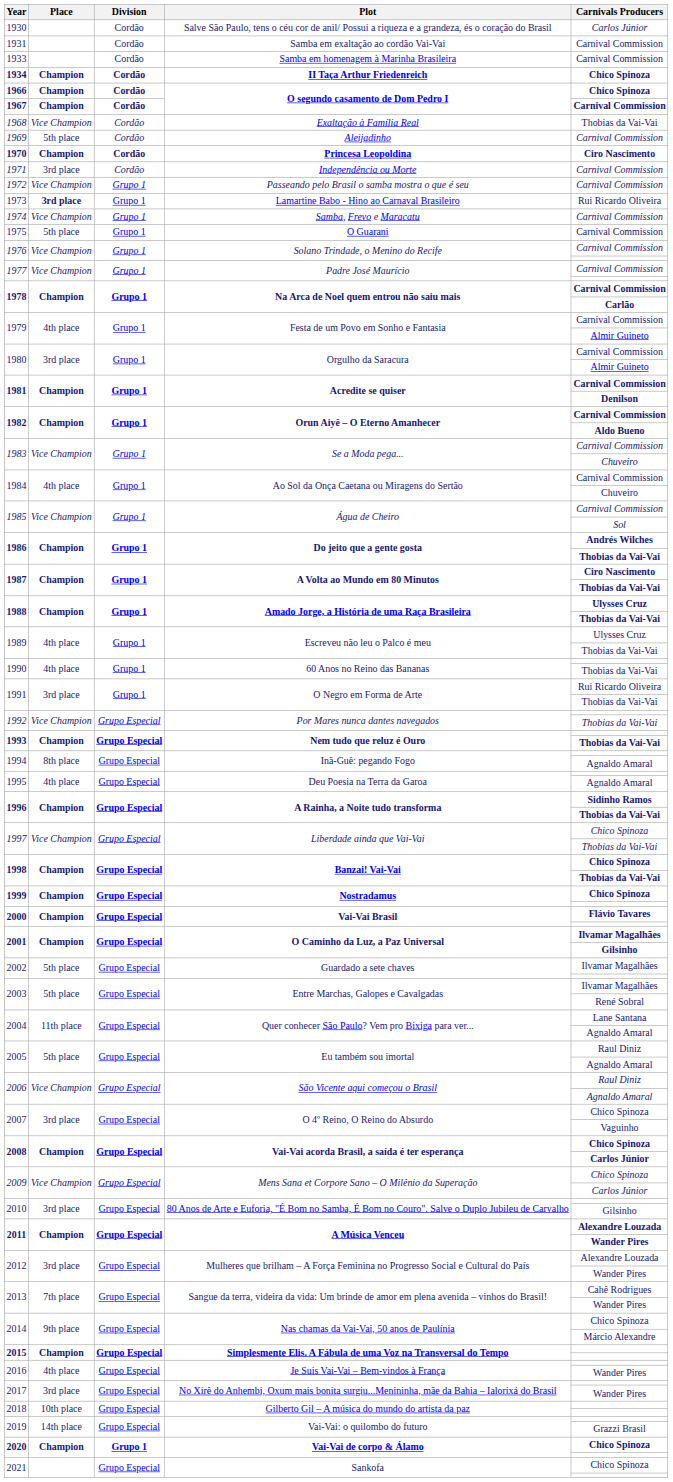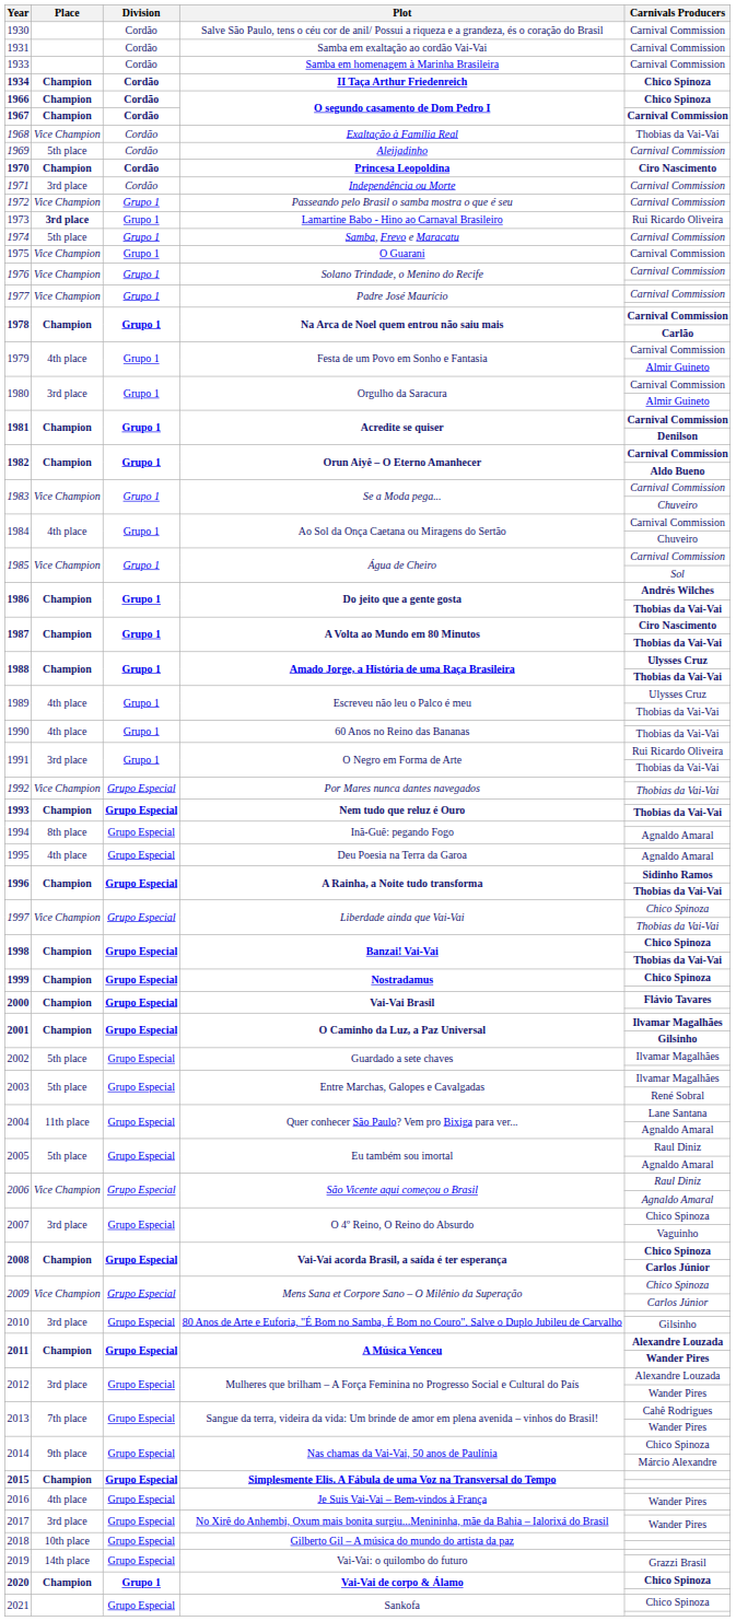 <table class="wikitable sortable" style="text-align:center">
 <tr align="center">
 <th>Year</th>
 <th>Place</th>
 <th>Division</th>
 <th>Plot</th>
 <th>Carnivals Producers</th>
 </tr>
 <tr style="background-color:white; color:midnightblue; text:align=center">
 <td>1930</td>
 <td></td>
 <td>Cordão</td>
 <td>Salve São Paulo, tens o céu cor de anil/ Possui a riqueza e a grandeza, és o coração do Brasil</td>
-<td><em>Carlos Júnior</em></td>
+<td>Carnival Commission</td>
 </tr>
 <tr style="background-color:white; color:midnightblue; text:align=center">
 <td>1931</td>
 <td></td>
 <td>Cordão</td>
 <td>Samba em exaltação ao cordão Vai-Vai</td>
 <td>Carnival Commission</td>
 </tr>
 <tr style="background-color:white; color:midnightblue; text:align=center">
 <td>1933</td>
 <td></td>
 <td>Cordão</td>
 <td><a href='#'>Samba em homenagem à Marinha Brasileira</a></td>
 <td>Carnival Commission</td>
 </tr>
 <tr style="background-color:white; color:midnightblue; text:align=center">
 <td><strong>1934</strong></td>
 <td><strong>Champion</strong></td>
 <td><strong>Cordão</strong></td>
 <td><strong><a href='#'>II Taça Arthur Friedenreich</a></strong></td>
 <td><strong>Chico Spinoza</strong></td>
 </tr>
 <tr style="background-color:white; color:midnightblue; text:align=center">
 <td><strong>1966</strong></td>
 <td><strong>Champion</strong></td>
 <td><strong>Cordão</strong></td>
 <td rowspan="2"><strong><a href='#'>O segundo casamento de Dom Pedro I</a></strong></td>
 <td><strong>Chico Spinoza</strong></td>
 </tr>
 <tr style="background-color:white; color:midnightblue; text:align=center">
 <td><strong>1967</strong></td>
 <td><strong>Champion</strong></td>
 <td><strong>Cordão</strong></td>
 <td><strong>Carnival Commission</strong></td>
 </tr>
 <tr style="background-color:white; color:midnightblue; text:align=center">
 <td><em>1968</em></td>
 <td><em>Vice Champion</em></td>
 <td><em>Cordão</em></td>
 <td><em><a href='#'>Exaltação à Família Real</a></em></td>
 <td>Thobias da Vai-Vai</td>
 </tr>
 <tr style="background-color:white; color:midnightblue; text:align=center">
 <td><em>1969</em></td>
 <td>5th place</td>
 <td><em>Cordão</em></td>
 <td><em><a href='#'>Aleijadinho</a></em></td>
 <td><em>Carnival Commission</em></td>
 </tr>
 <tr style="background-color:white; color:midnightblue; text:align=center">
 <td><strong>1970</strong></td>
 <td><strong>Champion</strong></td>
 <td><strong>Cordão</strong></td>
 <td><strong><a href='#'>Princesa Leopoldina</a></strong></td>
 <td><strong>Ciro Nascimento</strong></td>
 </tr>
 <tr style="background-color:white; color:midnightblue; text:align=center">
 <td><em>1971</em></td>
 <td>3rd place</td>
 <td><em>Cordão</em></td>
 <td><em><a href='#'>Independência ou Morte</a></em></td>
 <td><em>Carnival Commission</em></td>
 </tr>
 <tr style="background-color:white; color:midnightblue; text:align=center">
 <td><em>1972</em></td>
 <td><em>Vice Champion</em></td>
 <td><em><a href='#'>Grupo 1</a></em></td>
 <td><em>Passeando pelo Brasil o samba mostra o que é seu</em></td>
 <td><em>Carnival Commission</em></td>
 </tr>
 <tr style="background-color:white; color:midnightblue; text:align=center">
 <td>1973</td>
 <td><strong>3rd place</strong></td>
 <td><a href='#'>Grupo 1</a></td>
 <td><a href='#'>Lamartine Babo - Hino ao Carnaval Brasileiro</a></td>
 <td>Rui Ricardo Oliveira</td>
 </tr>
 <tr style="background-color:white; color:midnightblue; text:align=center">
 <td><em>1974</em></td>
-<td><em>Vice Champion</em></td>
+<td>5th place</td>
 <td><em><a href='#'>Grupo 1</a></em></td>
 <td><em><a href='#'>Samba</a>, <a href='#'>Frevo</a> e <a href='#'>Maracatu</a></em></td>
 <td><em>Carnival Commission</em></td>
 </tr>
 <tr style="background-color:white; color:midnightblue; text:align=center">
 <td>1975</td>
-<td>5th place</td>
+<td><em>Vice Champion</em></td>
 <td><a href='#'>Grupo 1</a></td>
 <td><a href='#'>O Guarani</a></td>
 <td>Carnival Commission</td>
 </tr>
 <tr style="background-color:white; color:midnightblue; text:align=center">
 <td rowspan="2"><em>1976</em></td>
 <td rowspan="2"><em>Vice Champion</em></td>
 <td rowspan="2"><em><a href='#'>Grupo 1</a></em></td>
 <td rowspan="2"><em>Solano Trindade, o Menino do Recife</em></td>
 <td><em>Carnival Commission</em></td>
 </tr>
 <tr style="background-color:white; color:midnightblue; text:align=center">
 <td><em></em></td>
 </tr>
 <tr style="background-color:white; color:midnightblue; text:align=center">
 <td rowspan="2"><em>1977</em></td>
 <td rowspan="2"><em>Vice Champion</em></td>
 <td rowspan="2"><em><a href='#'>Grupo 1</a></em></td>
 <td rowspan="2"><em>Padre José Maurício</em></td>
 <td><em>Carnival Commission</em></td>
 </tr>
 <tr style="background-color:white; color:midnightblue; text:align=center">
 <td><em></em></td>
 </tr>
 <tr style="background-color:white; color:midnightblue; text:align=center">
 <td rowspan="2"><strong>1978</strong></td>
 <td rowspan="2"><strong>Champion</strong></td>
 <td rowspan="2"><strong><a href='#'>Grupo 1</a></strong></td>
 <td rowspan="2"><strong>Na Arca de Noel quem entrou não saiu mais</strong></td>
 <td><strong>Carnival Commission</strong></td>
 </tr>
 <tr style="background-color:white; color:midnightblue; text:align=center">
 <td><strong>Carlão</strong></td>
 </tr>
 <tr style="background-color:white; color:midnightblue; text:align=center">
 <td rowspan="2">1979</td>
 <td rowspan="2">4th place</td>
 <td rowspan="2"><a href='#'>Grupo 1</a></td>
 <td rowspan="2">Festa de um Povo em Sonho e Fantasia</td>
 <td>Carnival Commission</td>
 </tr>
 <tr style="background-color:white; color:midnightblue; text:align=center">
 <td><a href='#'>Almir Guineto</a></td>
 </tr>
 <tr style="background-color:white; color:midnightblue; text:align=center">
 <td rowspan="2">1980</td>
 <td rowspan="2">3rd place</td>
 <td rowspan="2"><a href='#'>Grupo 1</a></td>
 <td rowspan="2">Orgulho da Saracura</td>
 <td>Carnival Commission</td>
 </tr>
 <tr style="background-color:white; color:midnightblue; text:align=center">
 <td><a href='#'>Almir Guineto</a></td>
 </tr>
 <tr style="background-color:white; color:midnightblue; text:align=center">
 <td rowspan="2"><strong>1981</strong></td>
 <td rowspan="2"><strong>Champion</strong></td>
 <td rowspan="2"><strong><a href='#'>Grupo 1</a></strong></td>
 <td rowspan="2"><strong>Acredite se quiser</strong></td>
 <td><strong>Carnival Commission</strong></td>
 </tr>
 <tr style="background-color:white; color:midnightblue; text:align=center">
 <td><strong>Denilson</strong></td>
 </tr>
 <tr style="background-color:white; color:midnightblue; text:align=center">
 <td rowspan="2"><strong>1982</strong></td>
 <td rowspan="2"><strong>Champion</strong></td>
 <td rowspan="2"><strong><a href='#'>Grupo 1</a></strong></td>
 <td rowspan="2"><strong>Orun Aiyê – O Eterno Amanhecer</strong></td>
 <td><strong>Carnival Commission</strong></td>
 </tr>
 <tr style="background-color:white; color:midnightblue; text:align=center">
 <td><strong>Aldo Bueno</strong></td>
 </tr>
 <tr style="background-color:white; color:midnightblue; text:align=center">
 <td rowspan="2"><em>1983</em></td>
 <td rowspan="2"><em>Vice Champion</em></td>
 <td rowspan="2"><em><a href='#'>Grupo 1</a></em></td>
 <td rowspan="2"><em>Se a Moda pega...</em></td>
 <td><em>Carnival Commission</em></td>
 </tr>
 <tr style="background-color:white; color:midnightblue; text:align=center">
 <td><em>Chuveiro</em></td>
 </tr>
 <tr style="background-color:white; color:midnightblue; text:align=center">
 <td rowspan="2">1984</td>
 <td rowspan="2">4th place</td>
 <td rowspan="2"><a href='#'>Grupo 1</a></td>
 <td rowspan="2">Ao Sol da Onça Caetana ou Miragens do Sertão</td>
 <td>Carnival Commission</td>
 </tr>
 <tr style="background-color:white; color:midnightblue; text:align=center">
 <td>Chuveiro</td>
 </tr>
 <tr style="background-color:white; color:midnightblue; text:align=center">
 <td rowspan="2"><em>1985</em></td>
 <td rowspan="2"><em>Vice Champion</em></td>
 <td rowspan="2"><em><a href='#'>Grupo 1</a></em></td>
 <td rowspan="2"><em>Água de Cheiro</em></td>
 <td><em>Carnival Commission</em></td>
 </tr>
 <tr style="background-color:white; color:midnightblue; text:align=center">
 <td><em>Sol</em></td>
 </tr>
 <tr style="background-color:white; color:midnightblue; text:align=center">
 <td rowspan="2"><strong>1986</strong></td>
 <td rowspan="2"><strong>Champion</strong></td>
 <td rowspan="2"><strong><a href='#'>Grupo 1</a></strong></td>
 <td rowspan="2"><strong>Do jeito que a gente gosta</strong></td>
 <td><strong>Andrés Wilches</strong></td>
 </tr>
 <tr style="background-color:white; color:midnightblue; text:align=center">
 <td><strong>Thobias da Vai-Vai</strong></td>
 </tr>
 <tr style="background-color:white; color:midnightblue; text:align=center">
 <td rowspan="2"><strong>1987</strong></td>
 <td rowspan="2"><strong>Champion</strong></td>
 <td rowspan="2"><strong><a href='#'>Grupo 1</a></strong></td>
 <td rowspan="2"><strong>A Volta ao Mundo em 80 Minutos</strong></td>
 <td><strong>Ciro Nascimento</strong></td>
 </tr>
 <tr style="background-color:white; color:midnightblue; text:align=center">
 <td><strong>Thobias da Vai-Vai</strong></td>
 </tr>
 <tr style="background-color:white; color:midnightblue; text:align=center">
 <td rowspan="2"><strong>1988</strong></td>
 <td rowspan="2"><strong>Champion</strong></td>
 <td rowspan="2"><strong><a href='#'>Grupo 1</a></strong></td>
 <td rowspan="2"><strong><a href='#'>Amado Jorge, a História de uma Raça Brasileira</a></strong></td>
 <td><strong>Ulysses Cruz</strong></td>
 </tr>
 <tr style="background-color:white; color:midnightblue; text:align=center">
 <td><strong>Thobias da Vai-Vai</strong></td>
 </tr>
 <tr style="background-color:white; color:midnightblue; text:align=center">
 <td rowspan="2">1989</td>
 <td rowspan="2">4th place</td>
 <td rowspan="2"><a href='#'>Grupo 1</a></td>
 <td rowspan="2">Escreveu não leu o Palco é meu</td>
 <td>Ulysses Cruz</td>
 </tr>
 <tr style="background-color:white; color:midnightblue; text:align=center">
 <td>Thobias da Vai-Vai</td>
 </tr>
 <tr style="background-color:white; color:midnightblue; text:align=center">
 <td rowspan="2">1990</td>
 <td rowspan="2">4th place</td>
 <td rowspan="2"><a href='#'>Grupo 1</a></td>
 <td rowspan="2">60 Anos no Reino das Bananas</td>
 <td></td>
 </tr>
 <tr style="background-color:white; color:midnightblue; text:align=center">
 <td>Thobias da Vai-Vai</td>
 </tr>
 <tr style="background-color:white; color:midnightblue; text:align=center">
 <td rowspan="2">1991</td>
 <td rowspan="2">3rd place</td>
 <td rowspan="2"><a href='#'>Grupo 1</a></td>
 <td rowspan="2">O Negro em Forma de Arte</td>
 <td>Rui Ricardo Oliveira</td>
 </tr>
 <tr style="background-color:white; color:midnightblue; text:align=center">
 <td>Thobias da Vai-Vai</td>
 </tr>
 <tr style="background-color:white; color:midnightblue; text:align=center">
 <td rowspan="2"><em>1992</em></td>
 <td rowspan="2"><em>Vice Champion</em></td>
 <td rowspan="2"><em><a href='#'>Grupo Especial</a></em></td>
 <td rowspan="2"><em>Por Mares nunca dantes navegados</em></td>
 <td><em></em></td>
 </tr>
 <tr style="background-color:white; color:midnightblue; text:align=center">
 <td><em>Thobias da Vai-Vai</em></td>
 </tr>
 <tr style="background-color:white; color:midnightblue; text:align=center">
 <td rowspan="2"><strong>1993</strong></td>
 <td rowspan="2"><strong>Champion</strong></td>
 <td rowspan="2"><strong><a href='#'>Grupo Especial</a></strong></td>
 <td rowspan="2"><strong>Nem tudo que reluz é Ouro</strong></td>
 <td><strong></strong></td>
 </tr>
 <tr style="background-color:white; color:midnightblue; text:align=center">
 <td><strong>Thobias da Vai-Vai</strong></td>
 </tr>
 <tr style="background-color:white; color:midnightblue; text:align=center">
 <td rowspan="2">1994</td>
 <td rowspan="2">8th place</td>
 <td rowspan="2"><a href='#'>Grupo Especial</a></td>
 <td rowspan="2">Inã-Guê: pegando Fogo</td>
 <td></td>
 </tr>
 <tr style="background-color:white; color:midnightblue; text:align=center">
 <td>Agnaldo Amaral</td>
 </tr>
 <tr style="background-color:white; color:midnightblue; text:align=center">
 <td rowspan="2">1995</td>
 <td rowspan="2">4th place</td>
 <td rowspan="2"><a href='#'>Grupo Especial</a></td>
 <td rowspan="2">Deu Poesia na Terra da Garoa</td>
 <td></td>
 </tr>
 <tr style="background-color:white; color:midnightblue; text:align=center">
 <td>Agnaldo Amaral</td>
 </tr>
 <tr style="background-color:white; color:midnightblue; text:align=center">
 <td rowspan="2"><strong>1996</strong></td>
 <td rowspan="2"><strong>Champion</strong></td>
 <td rowspan="2"><strong><a href='#'>Grupo Especial</a></strong></td>
 <td rowspan="2"><strong>A Rainha, a Noite tudo transforma</strong></td>
 <td><strong>Sidinho Ramos</strong></td>
 </tr>
 <tr style="background-color:white; color:midnightblue; text:align=center">
 <td><strong>Thobias da Vai-Vai</strong></td>
 </tr>
 <tr style="background-color:white; color:midnightblue; text:align=center">
 <td rowspan="2"><em>1997</em></td>
 <td rowspan="2"><em>Vice Champion</em></td>
 <td rowspan="2"><em><a href='#'>Grupo Especial</a></em></td>
 <td rowspan="2"><em>Liberdade ainda que Vai-Vai</em></td>
 <td><em>Chico Spinoza</em></td>
 </tr>
 <tr style="background-color:white; color:midnightblue; text:align=center">
 <td><em>Thobias da Vai-Vai</em></td>
 </tr>
 <tr style="background-color:white; color:midnightblue; text:align=center">
 <td rowspan="2"><strong>1998</strong></td>
 <td rowspan="2"><strong>Champion</strong></td>
 <td rowspan="2"><strong><a href='#'>Grupo Especial</a></strong></td>
 <td rowspan="2"><strong><a href='#'>Banzai! Vai-Vai</a></strong></td>
 <td><strong>Chico Spinoza</strong></td>
 </tr>
 <tr style="background-color:white; color:midnightblue; text:align=center">
 <td><strong>Thobias da Vai-Vai</strong></td>
 </tr>
 <tr style="background-color:white; color:midnightblue; text:align=center">
 <td rowspan="2"><strong>1999</strong></td>
 <td rowspan="2"><strong>Champion</strong></td>
 <td rowspan="2"><strong><a href='#'>Grupo Especial</a></strong></td>
 <td rowspan="2"><strong><a href='#'>Nostradamus</a></strong></td>
 <td><strong>Chico Spinoza</strong></td>
 </tr>
 <tr style="background-color:white; color:midnightblue; text:align=center">
 <td><strong></strong></td>
 </tr>
 <tr style="background-color:white; color:midnightblue; text:align=center">
 <td rowspan="2"><strong>2000</strong></td>
 <td rowspan="2"><strong>Champion</strong></td>
 <td rowspan="2"><strong><a href='#'>Grupo Especial</a></strong></td>
 <td rowspan="2"><strong>Vai-Vai Brasil</strong></td>
 <td><strong>Flávio Tavares</strong></td>
 </tr>
 <tr style="background-color:white; color:midnightblue; text:align=center">
 <td><strong></strong></td>
 </tr>
 <tr style="background-color:white; color:midnightblue; text:align=center">
 <td rowspan="2"><strong>2001</strong></td>
 <td rowspan="2"><strong>Champion</strong></td>
 <td rowspan="2"><strong><a href='#'>Grupo Especial</a></strong></td>
 <td rowspan="2"><strong>O Caminho da Luz, a Paz Universal</strong></td>
 <td><strong>Ilvamar Magalhães</strong></td>
 </tr>
 <tr style="background-color:white; color:midnightblue; text:align=center">
 <td><strong>Gilsinho</strong></td>
 </tr>
 <tr style="background-color:white; color:midnightblue; text:align=center">
 <td rowspan="2">2002</td>
 <td rowspan="2">5th place</td>
 <td rowspan="2"><a href='#'>Grupo Especial</a></td>
 <td rowspan="2">Guardado a sete chaves</td>
 <td>Ilvamar Magalhães</td>
 </tr>
 <tr style="background-color:white; color:midnightblue; text:align=center">
 <td></td>
 </tr>
 <tr style="background-color:white; color:midnightblue; text:align=center">
 <td rowspan="2">2003</td>
 <td rowspan="2">5th place</td>
 <td rowspan="2"><a href='#'>Grupo Especial</a></td>
 <td rowspan="2">Entre Marchas, Galopes e Cavalgadas</td>
 <td>Ilvamar Magalhães</td>
 </tr>
 <tr style="background-color:white; color:midnightblue; text:align=center">
 <td>René Sobral</td>
 </tr>
 <tr style="background-color:white; color:midnightblue; text:align=center">
 <td rowspan="2">2004</td>
 <td rowspan="2">11th place</td>
 <td rowspan="2"><a href='#'>Grupo Especial</a></td>
 <td rowspan="2">Quer conhecer <a href='#'>São Paulo</a>? Vem pro <a href='#'>Bixiga</a> para ver...</td>
 <td>Lane Santana</td>
 </tr>
 <tr style="background-color:white; color:midnightblue; text:align=center">
 <td>Agnaldo Amaral</td>
 </tr>
 <tr style="background-color:white; color:midnightblue; text:align=center">
 <td rowspan="2">2005</td>
 <td rowspan="2">5th place</td>
 <td rowspan="2"><a href='#'>Grupo Especial</a></td>
 <td rowspan="2">Eu também sou imortal</td>
 <td>Raul Diniz</td>
 </tr>
 <tr style="background-color:white; color:midnightblue; text:align=center">
 <td>Agnaldo Amaral</td>
 </tr>
 <tr style="background-color:white; color:midnightblue; text:align=center">
 <td rowspan="2"><em>2006</em></td>
 <td rowspan="2"><em>Vice Champion</em></td>
 <td rowspan="2"><em><a href='#'>Grupo Especial</a></em></td>
 <td rowspan="2"><em><a href='#'>São Vicente aqui começou o Brasil</a></em></td>
 <td><em>Raul Diniz</em></td>
 </tr>
 <tr style="background-color:white; color:midnightblue; text:align=center">
 <td><em>Agnaldo Amaral</em></td>
 </tr>
 <tr style="background-color:white; color:midnightblue; text:align=center">
 <td rowspan="2">2007</td>
 <td rowspan="2">3rd place</td>
 <td rowspan="2"><a href='#'>Grupo Especial</a></td>
 <td rowspan="2">O 4º Reino, O Reino do Absurdo</td>
 <td>Chico Spinoza</td>
 </tr>
 <tr style="background-color:white; color:midnightblue; text:align=center">
 <td>Vaguinho</td>
 </tr>
 <tr style="background-color:white; color:midnightblue; text:align=center">
 <td rowspan="2"><strong>2008</strong></td>
 <td rowspan="2"><strong>Champion</strong></td>
 <td rowspan="2"><strong><a href='#'>Grupo Especial</a></strong></td>
 <td rowspan="2"><strong>Vai-Vai acorda Brasil, a saída é ter esperança</strong></td>
 <td><strong>Chico Spinoza</strong></td>
 </tr>
 <tr style="background-color:white; color:midnightblue; text:align=center">
 <td><strong>Carlos Júnior</strong></td>
 </tr>
 <tr style="background-color:white; color:midnightblue; text:align=center">
 <td rowspan="2"><em>2009</em></td>
 <td rowspan="2"><em>Vice Champion</em></td>
 <td rowspan="2"><em><a href='#'>Grupo Especial</a></em></td>
 <td rowspan="2"><em>Mens Sana et Corpore Sano – O Milênio da Superação</em></td>
 <td><em>Chico Spinoza</em></td>
 </tr>
 <tr style="background-color:white; color:midnightblue; text:align=center">
 <td><em>Carlos Júnior</em></td>
 </tr>
 <tr style="background-color:white; color:midnightblue; text:align=center">
 <td rowspan="2">2010</td>
 <td rowspan="2">3rd place</td>
 <td rowspan="2"><a href='#'>Grupo Especial</a></td>
 <td rowspan="2"><a href='#'>80 Anos de Arte e Euforia, "É Bom no Samba, É Bom no Couro". Salve o Duplo Jubileu de Carvalho</a></td>
 <td></td>
 </tr>
 <tr style="background-color:white; color:midnightblue; text:align=center">
 <td>Gilsinho</td>
 </tr>
 <tr style="background-color:white; color:midnightblue; text:align=center">
 <td rowspan="2"><strong>2011</strong></td>
 <td rowspan="2"><strong>Champion</strong></td>
 <td rowspan="2"><strong><a href='#'>Grupo Especial</a></strong></td>
 <td rowspan="2"><strong><a href='#'>A Música Venceu</a></strong></td>
 <td><strong>Alexandre Louzada</strong></td>
 </tr>
 <tr style="background-color:white; color:midnightblue; text:align=center">
 <td><strong>Wander Pires</strong></td>
 </tr>
 <tr style="background-color:white; color:midnightblue; text:align=center">
 <td rowspan="2">2012</td>
 <td rowspan="2">3rd place</td>
 <td rowspan="2"><a href='#'>Grupo Especial</a></td>
 <td rowspan="2">Mulheres que brilham – A Força Feminina no Progresso Social e Cultural do País</td>
 <td>Alexandre Louzada</td>
 </tr>
 <tr style="background-color:white; color:midnightblue; text:align=center">
 <td>Wander Pires</td>
 </tr>
 <tr style="background-color:white; color:midnightblue; text:align=center">
 <td rowspan="2">2013</td>
 <td rowspan="2">7th place</td>
 <td rowspan="2"><a href='#'>Grupo Especial</a></td>
 <td rowspan="2">Sangue da terra, videira da vida: Um brinde de amor em plena avenida – vinhos do Brasil!</td>
 <td>Cahê Rodrigues</td>
 </tr>
 <tr style="background-color:white; color:midnightblue; text:align=center">
 <td>Wander Pires</td>
 </tr>
 <tr style="background-color:white; color:midnightblue; text:align=center">
 <td rowspan="2">2014</td>
 <td rowspan="2">9th place</td>
 <td rowspan="2"><a href='#'>Grupo Especial</a></td>
 <td rowspan="2"><a href='#'>Nas chamas da Vai-Vai, 50 anos de Paulínia</a></td>
 <td>Chico Spinoza</td>
 </tr>
 <tr style="background-color:white; color:midnightblue; text:align=center">
 <td>Márcio Alexandre</td>
 </tr>
 <tr style="background-color:white; color:midnightblue; text:align=center">
 <td rowspan="2"><strong>2015</strong></td>
 <td rowspan="2"><strong>Champion</strong></td>
 <td rowspan="2"><strong><a href='#'>Grupo Especial</a></strong></td>
 <td rowspan="2"><strong><a href='#'>Simplesmente Elis. A Fábula de uma Voz na Transversal do Tempo</a></strong></td>
 <td><strong></strong></td>
 </tr>
 <tr style="background-color:white; color:midnightblue; text:align=center">
 <td><strong></strong></td>
 </tr>
 <tr style="background-color:white; color:midnightblue; text:align=center">
 <td rowspan="2">2016</td>
 <td rowspan="2">4th place</td>
 <td rowspan="2"><a href='#'>Grupo Especial</a></td>
 <td rowspan="2"><a href='#'>Je Suis Vai-Vai – Bem-vindos à França</a></td>
 <td></td>
 </tr>
 <tr style="background-color:white; color:midnightblue; text:align=center">
 <td>Wander Pires</td>
 </tr>
 <tr style="background-color:white; color:midnightblue; text:align=center">
 <td rowspan="2">2017</td>
 <td rowspan="2">3rd place</td>
 <td rowspan="2"><a href='#'>Grupo Especial</a></td>
 <td rowspan="2"><a href='#'>No Xirê do Anhembi,  Oxum mais bonita surgiu...Menininha, mãe da Bahia – Ialorixá do Brasil</a></td>
 <td></td>
 </tr>
 <tr style="background-color:white; color:midnightblue; text:align=center">
 <td>Wander Pires</td>
 </tr>
 <tr style="background-color:white; color:midnightblue; text:align=center">
 <td rowspan="2">2018</td>
 <td rowspan="2">10th place</td>
 <td rowspan="2"><a href='#'>Grupo Especial</a></td>
 <td rowspan="2"><a href='#'>Gilberto Gil – A música do mundo do artista da paz</a></td>
 <td></td>
 </tr>
 <tr style="background-color:white; color:midnightblue; text:align=center">
 <td></td>
 </tr>
 <tr style="background-color:white; color:midnightblue; text:align=center">
 <td rowspan="2">2019</td>
 <td rowspan="2">14th place</td>
 <td rowspan="2"><a href='#'>Grupo Especial</a></td>
 <td rowspan="2">Vai-Vai: o quilombo do futuro</td>
 <td></td>
 </tr>
 <tr style="background-color:white; color:midnightblue; text:align=center">
 <td>Grazzi Brasil</td>
 </tr>
 <tr style="background-color:white; color:midnightblue; text:align=center">
 <td rowspan="2"><strong>2020</strong></td>
 <td rowspan="2"><strong>Champion</strong></td>
 <td rowspan="2"><strong><a href='#'>Grupo 1</a></strong></td>
 <td rowspan="2"><strong><a href='#'>Vai-Vai de corpo & Álamo</a></strong></td>
 <td><strong>Chico Spinoza</strong></td>
 </tr>
 <tr style="background-color:white; color:midnightblue; text:align=center">
 <td><strong></strong></td>
 </tr>
 <tr style="background-color:white; color:midnightblue; text:align=center">
 <td rowspan="2">2021</td>
 <td rowspan="2"></td>
 <td rowspan="2"><a href='#'>Grupo Especial</a></td>
 <td rowspan="2">Sankofa</td>
 <td>Chico Spinoza</td>
 </tr>
 <tr style="background-color:white; color:midnightblue; text:align=center">
 <td></td>
 </tr>
 </table>
